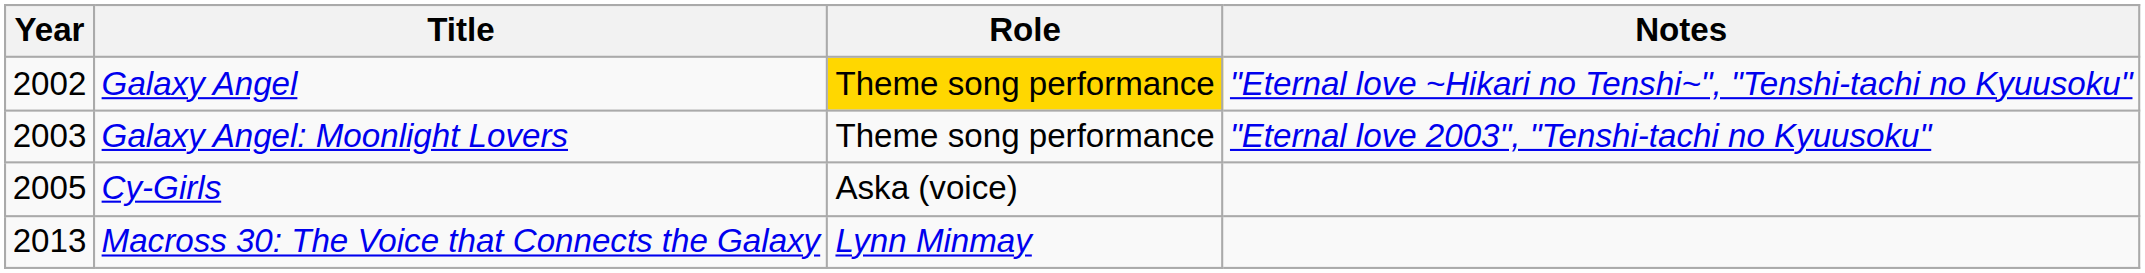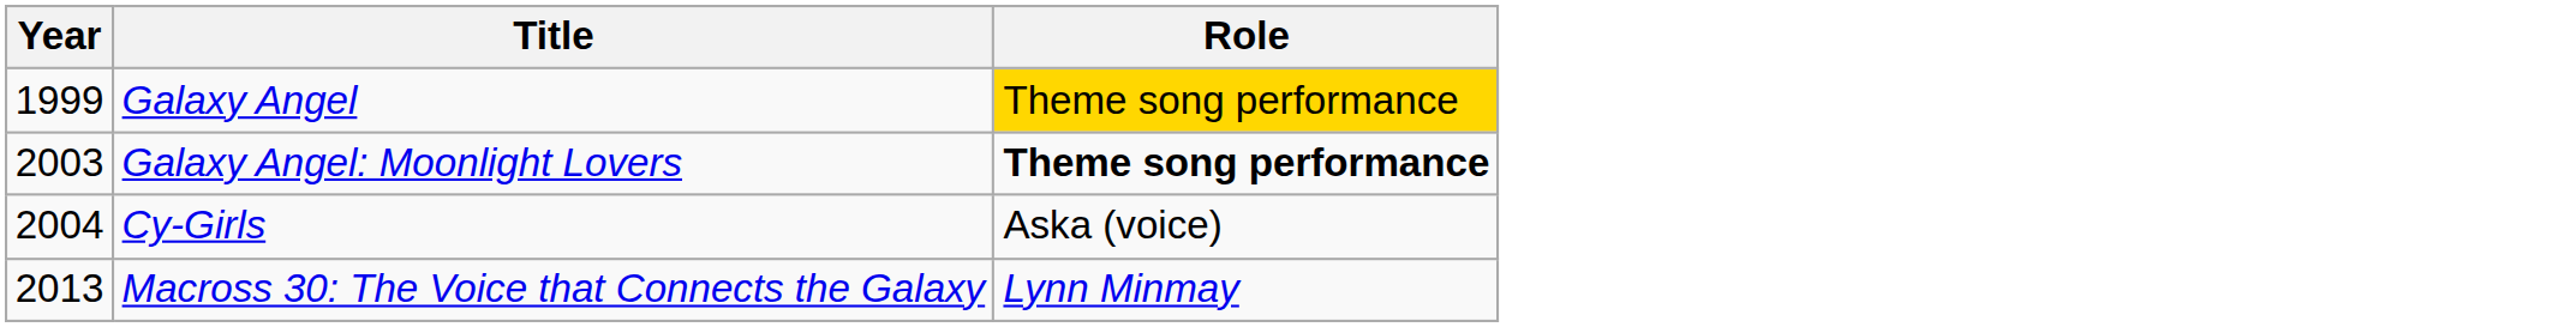 <table class="wikitable sortable">
 <tr>
 <th>Year</th>
 <th>Title</th>
 <th>Role</th>
-<th>Notes</th>
 </tr>
 <tr>
-<td>2002</td>
+<td>1999</td>
 <td><em><a href='#'>Galaxy Angel</a></em></td>
 <td style="background: gold;">Theme song performance</td>
-<td><em><a href='#'>"Eternal love ~Hikari no Tenshi~", "Tenshi-tachi no Kyuusoku"</a></em></td>
 </tr>
 <tr>
 <td>2003</td>
 <td><em><a href='#'>Galaxy Angel: Moonlight Lovers</a></em></td>
-<td>Theme song performance</td>
-<td><em><a href='#'>"Eternal love 2003", "Tenshi-tachi no Kyuusoku"</a></em></td>
+<td><strong>Theme song performance</strong></td>
 </tr>
 <tr>
-<td>2005</td>
+<td>2004</td>
 <td><em><a href='#'>Cy-Girls</a></em></td>
 <td>Aska (voice)</td>
-<td></td>
 </tr>
 <tr>
 <td>2013</td>
 <td><em><a href='#'>Macross 30: The Voice that Connects the Galaxy</a></em></td>
 <td><em><a href='#'>Lynn Minmay</a></em></td>
-<td></td>
 </tr>
 </table>
